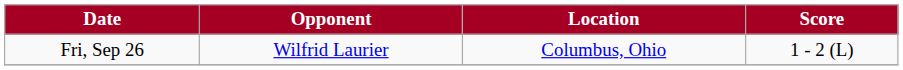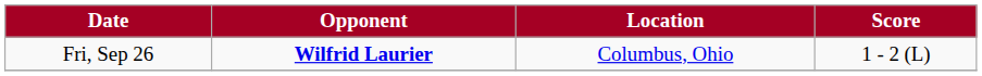 <table class="wikitable" width="60%">
 <tr align="center"  style="background:#A50024;color:white;">
 <td><strong>Date</strong></td>
 <td><strong>Opponent</strong></td>
 <td><strong>Location</strong></td>
 <td><strong>Score</strong></td>
 </tr>
 <tr align="center" bgcolor="">
 <td>Fri, Sep 26</td>
-<td><a href='#'>Wilfrid Laurier</a></td>
+<td><strong><a href='#'>Wilfrid Laurier</a></strong></td>
 <td><a href='#'>Columbus, Ohio</a></td>
 <td>1 - 2 (L)</td>
 </tr>
 <tr align="center" bgcolor="">
 </tr>
 </table>
